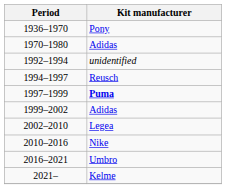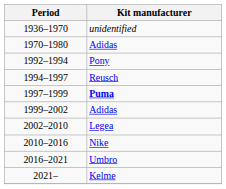 <table class="wikitable" style="font-size: 95%; text-align: center; ">
 <tr>
 <th width=120>Period</th>
 <th width=200>Kit manufacturer</th>
 </tr>
 <tr>
 <td align="center">1936–1970</td>
-<td align="left"> <a href='#'>Pony</a></td>
+<td align="left"><em>unidentified</em></td>
 </tr>
 <tr>
 <td align="center">1970–1980</td>
 <td align="left"> <a href='#'>Adidas</a></td>
 </tr>
 <tr>
 <td align="center">1992–1994</td>
-<td align="left"><em>unidentified</em></td>
+<td align="left"> <a href='#'>Pony</a></td>
 </tr>
 <tr>
 <td align="center">1994–1997</td>
 <td align="left"> <a href='#'>Reusch</a></td>
 </tr>
 <tr>
 <td align="center">1997–1999</td>
 <td align="left"><strong> <a href='#'>Puma</a></strong></td>
 </tr>
 <tr>
 <td align="center">1999–2002</td>
 <td align="left"> <a href='#'>Adidas</a></td>
 </tr>
 <tr>
 <td align="center">2002–2010</td>
 <td align="left"> <a href='#'>Legea</a></td>
 </tr>
 <tr>
 <td align="center">2010–2016</td>
 <td align="left"> <a href='#'>Nike</a></td>
 </tr>
 <tr>
 <td align="center">2016–2021</td>
 <td align="left"> <a href='#'>Umbro</a></td>
 </tr>
 <tr>
 <td align="center">2021–</td>
 <td align="left"> <a href='#'>Kelme</a></td>
 </tr>
 <tr>
 </tr>
 </table>
